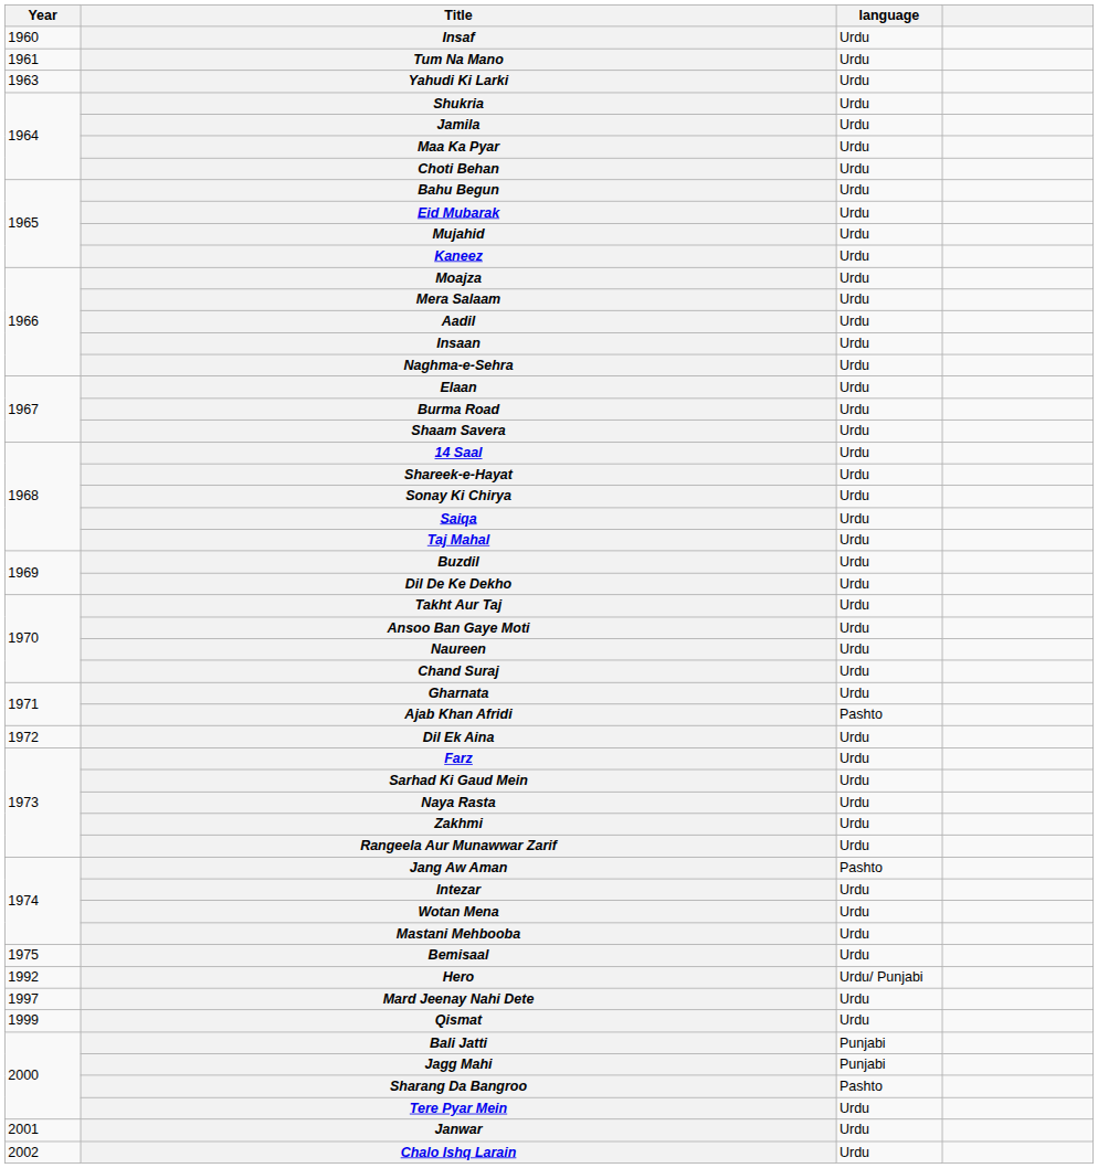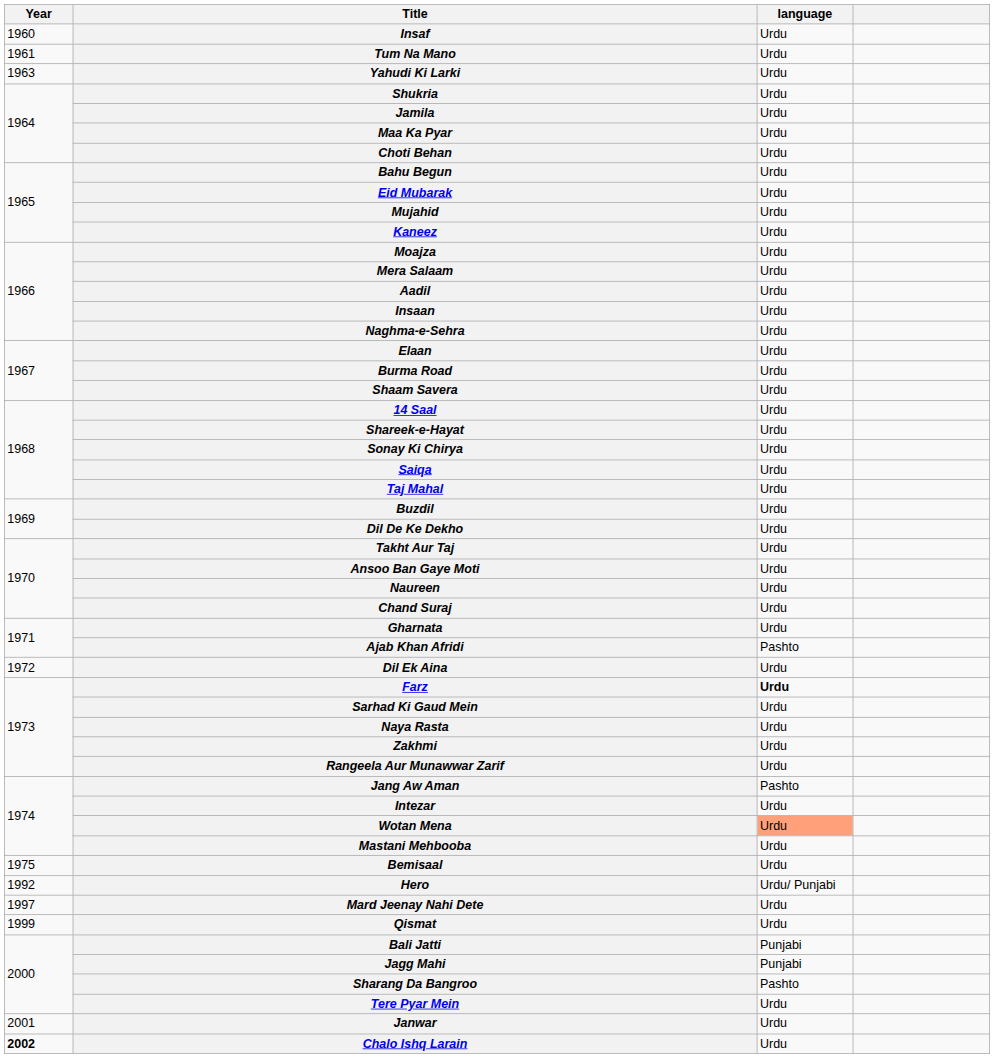 <table class="wikitable plainrowheaders" width=100%>
 <tr>
 <th scope="col" width=2%>Year</th>
 <th scope="col" width=25%>Title</th>
 <th scope="col" width=2%>language</th>
 <th width=5%></th>
 </tr>
 <tr>
 <td>1960</td>
 <th scope="row"><em>Insaf</em></th>
 <td>Urdu</td>
 <td></td>
 </tr>
 <tr>
 <td>1961</td>
 <th scope="row"><em>Tum Na Mano</em></th>
 <td>Urdu</td>
 <td></td>
 </tr>
 <tr>
 <td>1963</td>
 <th scope="row"><em>Yahudi Ki Larki</em></th>
 <td>Urdu</td>
 <td></td>
 </tr>
 <tr>
 <td rowspan="4">1964</td>
 <th scope="row"><em>Shukria</em></th>
 <td>Urdu</td>
 <td></td>
 </tr>
 <tr>
 <th scope="row"><em>Jamila</em></th>
 <td>Urdu</td>
 <td></td>
 </tr>
 <tr>
 <th scope="row"><em>Maa Ka Pyar</em></th>
 <td>Urdu</td>
 <td></td>
 </tr>
 <tr>
 <th scope="row"><em>Choti Behan</em></th>
 <td>Urdu</td>
 <td></td>
 </tr>
 <tr>
 <td rowspan="4">1965</td>
 <th scope="row"><em>Bahu Begun</em></th>
 <td>Urdu</td>
 <td></td>
 </tr>
 <tr>
 <th scope="row"><em><a href='#'>Eid Mubarak</a></em></th>
 <td>Urdu</td>
 <td></td>
 </tr>
 <tr>
 <th scope="row"><em>Mujahid</em></th>
 <td>Urdu</td>
 <td></td>
 </tr>
 <tr>
 <th scope="row"><em><a href='#'>Kaneez</a></em></th>
 <td>Urdu</td>
 <td></td>
 </tr>
 <tr>
 <td rowspan="5">1966</td>
 <th scope="row"><em>Moajza</em></th>
 <td>Urdu</td>
 <td></td>
 </tr>
 <tr>
 <th scope="row"><em>Mera Salaam</em></th>
 <td>Urdu</td>
 <td></td>
 </tr>
 <tr>
 <th scope="row"><em>Aadil</em></th>
 <td>Urdu</td>
 <td></td>
 </tr>
 <tr>
 <th scope="row"><em>Insaan</em></th>
 <td>Urdu</td>
 <td></td>
 </tr>
 <tr>
 <th scope="row"><em>Naghma-e-Sehra</em></th>
 <td>Urdu</td>
 <td></td>
 </tr>
 <tr>
 <td rowspan="3">1967</td>
 <th scope="row"><em>Elaan</em></th>
 <td>Urdu</td>
 <td></td>
 </tr>
 <tr>
 <th scope="row"><em>Burma Road</em></th>
 <td>Urdu</td>
 <td></td>
 </tr>
 <tr>
 <th scope="row"><em>Shaam Savera</em></th>
 <td>Urdu</td>
 <td></td>
 </tr>
 <tr>
 <td rowspan="5">1968</td>
 <th scope="row"><em><a href='#'>14 Saal</a></em></th>
 <td>Urdu</td>
 <td></td>
 </tr>
 <tr>
 <th scope="row"><em>Shareek-e-Hayat</em></th>
 <td>Urdu</td>
 <td></td>
 </tr>
 <tr>
 <th scope="row"><em>Sonay Ki Chirya</em></th>
 <td>Urdu</td>
 <td></td>
 </tr>
 <tr>
 <th scope="row"><em><a href='#'>Saiqa</a></em></th>
 <td>Urdu</td>
 <td></td>
 </tr>
 <tr>
 <th scope="row"><em><a href='#'>Taj Mahal</a></em></th>
 <td>Urdu</td>
 <td></td>
 </tr>
 <tr>
 <td rowspan="2">1969</td>
 <th scope="row"><em>Buzdil</em></th>
 <td>Urdu</td>
 <td></td>
 </tr>
 <tr>
 <th scope="row"><em>Dil De Ke Dekho</em></th>
 <td>Urdu</td>
 <td></td>
 </tr>
 <tr>
 <td rowspan="4">1970</td>
 <th scope="row"><em>Takht Aur Taj</em></th>
 <td>Urdu</td>
 <td></td>
 </tr>
 <tr>
 <th scope="row"><em>Ansoo Ban Gaye Moti</em></th>
 <td>Urdu</td>
 <td></td>
 </tr>
 <tr>
 <th scope="row"><em>Naureen</em></th>
 <td>Urdu</td>
 <td></td>
 </tr>
 <tr>
 <th scope="row"><em>Chand Suraj</em></th>
 <td>Urdu</td>
 <td></td>
 </tr>
 <tr>
 <td rowspan="2">1971</td>
 <th scope="row"><em>Gharnata</em></th>
 <td>Urdu</td>
 <td></td>
 </tr>
 <tr>
 <th scope="row"><em>Ajab Khan Afridi</em></th>
 <td>Pashto</td>
 <td></td>
 </tr>
 <tr>
 <td>1972</td>
 <th scope="row"><em>Dil Ek Aina</em></th>
 <td>Urdu</td>
 <td></td>
 </tr>
 <tr>
 <td rowspan="5">1973</td>
 <th scope="row"><em><a href='#'>Farz</a></em></th>
-<td>Urdu</td>
+<td><strong>Urdu</strong></td>
 <td></td>
 </tr>
 <tr>
 <th scope="row"><em>Sarhad Ki Gaud Mein</em></th>
 <td>Urdu</td>
 <td></td>
 </tr>
 <tr>
 <th scope="row"><em>Naya Rasta</em></th>
 <td>Urdu</td>
 <td></td>
 </tr>
 <tr>
 <th scope="row"><em>Zakhmi</em></th>
 <td>Urdu</td>
 <td></td>
 </tr>
 <tr>
 <th scope="row"><em>Rangeela Aur Munawwar Zarif</em></th>
 <td>Urdu</td>
 <td></td>
 </tr>
 <tr>
 <td rowspan="4">1974</td>
 <th scope="row"><em>Jang Aw Aman</em></th>
 <td>Pashto</td>
 <td></td>
 </tr>
 <tr>
 <th scope="row"><em>Intezar</em></th>
 <td>Urdu</td>
 <td></td>
 </tr>
 <tr>
 <th scope="row"><em>Wotan Mena</em></th>
-<td>Urdu</td>
+<td style="background: lightsalmon;">Urdu</td>
 <td></td>
 </tr>
 <tr>
 <th scope="row"><em>Mastani Mehbooba</em></th>
 <td>Urdu</td>
 <td></td>
 </tr>
 <tr>
 <td>1975</td>
 <th scope="row"><em>Bemisaal</em></th>
 <td>Urdu</td>
 <td></td>
 </tr>
 <tr>
 <td>1992</td>
 <th scope="row"><em>Hero</em></th>
 <td>Urdu/ Punjabi</td>
 <td></td>
 </tr>
 <tr>
 <td>1997</td>
 <th scope="row"><em>Mard Jeenay Nahi Dete</em></th>
 <td>Urdu</td>
 <td></td>
 </tr>
 <tr>
 <td>1999</td>
 <th scope="row"><em>Qismat</em></th>
 <td>Urdu</td>
 <td></td>
 </tr>
 <tr>
 <td rowspan="4">2000</td>
 <th scope="row"><em>Bali Jatti</em></th>
 <td>Punjabi</td>
 <td></td>
 </tr>
 <tr>
 <th scope="row"><em>Jagg Mahi</em></th>
 <td>Punjabi</td>
 <td></td>
 </tr>
 <tr>
 <th scope="row"><em>Sharang Da Bangroo</em></th>
 <td>Pashto</td>
 <td></td>
 </tr>
 <tr>
 <th scope="row"><em><a href='#'>Tere Pyar Mein</a></em></th>
 <td>Urdu</td>
 <td></td>
 </tr>
 <tr>
 <td>2001</td>
 <th scope="row"><em>Janwar</em></th>
 <td>Urdu</td>
 <td></td>
 </tr>
 <tr>
-<td>2002</td>
+<td><strong>2002</strong></td>
 <th scope="row"><em><a href='#'>Chalo Ishq Larain</a></em></th>
 <td>Urdu</td>
 <td></td>
 </tr>
 </table>
